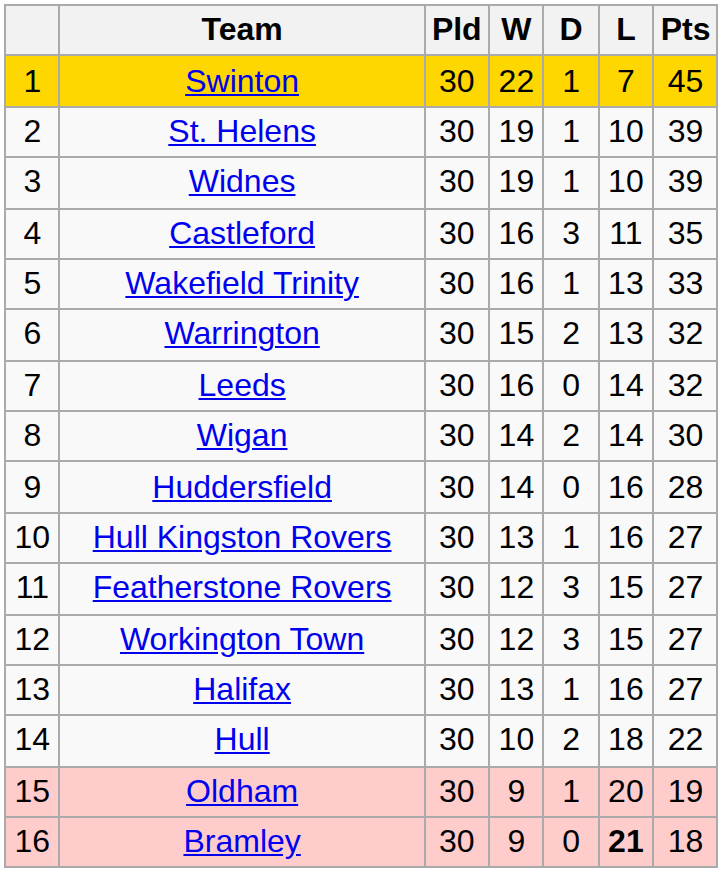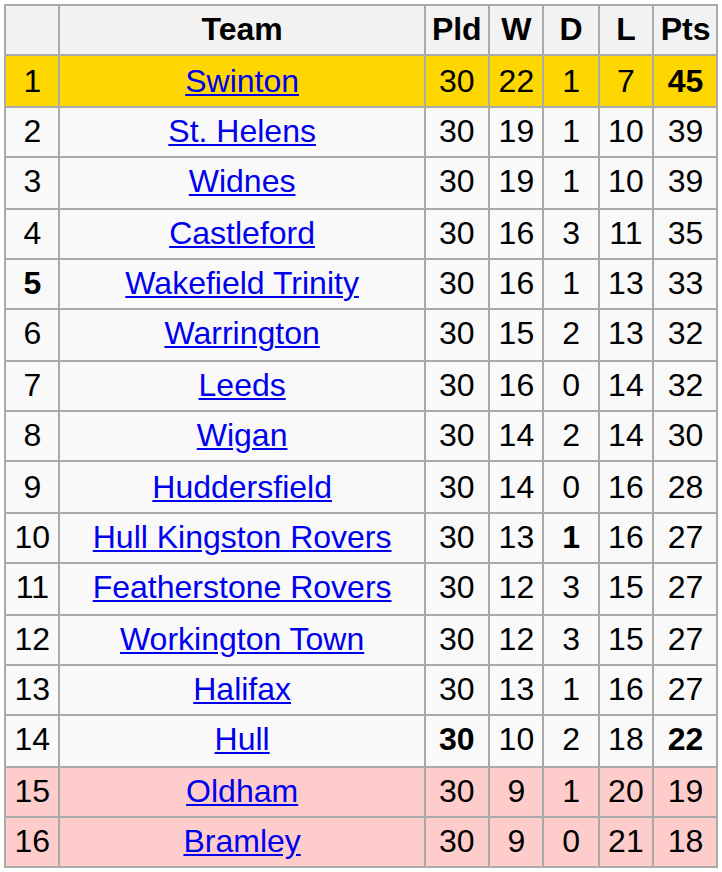 <table class="wikitable" style="text-align:center;">
 <tr>
 <th width=20 abbr="Position"></th>
 <th width=175>Team</th>
 <th width=20 abbr="Played">Pld</th>
 <th width=20 abbr="Won">W</th>
 <th width=20 abbr="Drawn">D</th>
 <th width=20 abbr="Lost">L</th>
 <th width=20 abbr="Points">Pts</th>
 </tr>
 <tr>
 </tr>
 <tr align=center style="background:#FFD700;">
 <td>1</td>
 <td><a href='#'>Swinton</a></td>
 <td>30</td>
 <td>22</td>
 <td>1</td>
 <td>7</td>
-<td>45</td>
+<td><strong>45</strong></td>
 </tr>
 <tr align=center style="background:">
 <td>2</td>
 <td><a href='#'>St. Helens</a></td>
 <td>30</td>
 <td>19</td>
 <td>1</td>
 <td>10</td>
 <td>39</td>
 </tr>
 <tr align=center style="background:">
 <td>3</td>
 <td><a href='#'>Widnes</a></td>
 <td>30</td>
 <td>19</td>
 <td>1</td>
 <td>10</td>
 <td>39</td>
 </tr>
 <tr align=center style="background:">
 <td>4</td>
 <td><a href='#'>Castleford</a></td>
 <td>30</td>
 <td>16</td>
 <td>3</td>
 <td>11</td>
 <td>35</td>
 </tr>
 <tr align=center style="background:">
-<td>5</td>
+<td><strong>5</strong></td>
 <td><a href='#'>Wakefield Trinity</a></td>
 <td>30</td>
 <td>16</td>
 <td>1</td>
 <td>13</td>
 <td>33</td>
 </tr>
 <tr align=center style="background:">
 <td>6</td>
 <td><a href='#'>Warrington</a></td>
 <td>30</td>
 <td>15</td>
 <td>2</td>
 <td>13</td>
 <td>32</td>
 </tr>
 <tr align=center style="background:">
 <td>7</td>
 <td><a href='#'>Leeds</a></td>
 <td>30</td>
 <td>16</td>
 <td>0</td>
 <td>14</td>
 <td>32</td>
 </tr>
 <tr align=center style="background:">
 <td>8</td>
 <td><a href='#'>Wigan</a></td>
 <td>30</td>
 <td>14</td>
 <td>2</td>
 <td>14</td>
 <td>30</td>
 </tr>
 <tr align=center style="background:">
 <td>9</td>
 <td><a href='#'>Huddersfield</a></td>
 <td>30</td>
 <td>14</td>
 <td>0</td>
 <td>16</td>
 <td>28</td>
 </tr>
 <tr align=center style="background:">
 <td>10</td>
 <td><a href='#'>Hull Kingston Rovers</a></td>
 <td>30</td>
 <td>13</td>
-<td>1</td>
+<td><strong>1</strong></td>
 <td>16</td>
 <td>27</td>
 </tr>
 <tr align=center style="background:">
 <td>11</td>
 <td><a href='#'>Featherstone Rovers</a></td>
 <td>30</td>
 <td>12</td>
 <td>3</td>
 <td>15</td>
 <td>27</td>
 </tr>
 <tr align=center style="background:">
 <td>12</td>
 <td><a href='#'>Workington Town</a></td>
 <td>30</td>
 <td>12</td>
 <td>3</td>
 <td>15</td>
 <td>27</td>
 </tr>
 <tr align=center style="background:">
 <td>13</td>
 <td><a href='#'>Halifax</a></td>
 <td>30</td>
 <td>13</td>
 <td>1</td>
 <td>16</td>
 <td>27</td>
 </tr>
 <tr align=center style="background:">
 <td>14</td>
 <td><a href='#'>Hull</a></td>
-<td>30</td>
+<td><strong>30</strong></td>
 <td>10</td>
 <td>2</td>
 <td>18</td>
-<td>22</td>
+<td><strong>22</strong></td>
 </tr>
 <tr align=center style="background:#ffcccc">
 <td>15</td>
 <td><a href='#'>Oldham</a></td>
 <td>30</td>
 <td>9</td>
 <td>1</td>
 <td>20</td>
 <td>19</td>
 </tr>
 <tr align=center style="background:#ffcccc">
 <td>16</td>
 <td><a href='#'>Bramley</a></td>
 <td>30</td>
 <td>9</td>
 <td>0</td>
-<td><strong>21</strong></td>
+<td>21</td>
 <td>18</td>
 </tr>
 <tr>
 </tr>
 </table>
